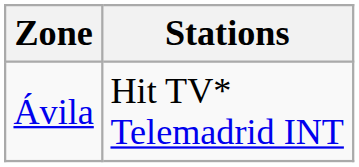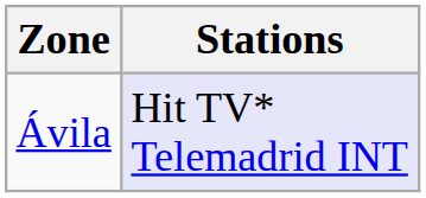 <table class="wikitable">
 <tr>
 <th>Zone</th>
 <th>Stations</th>
 </tr>
 <tr>
 <td><a href='#'>Ávila</a></td>
-<td>Hit TV*<br><a href='#'>Telemadrid INT</a></td>
+<td style="background: lavender;">Hit TV*<br><a href='#'>Telemadrid INT</a></td>
 </tr>
 </table>
